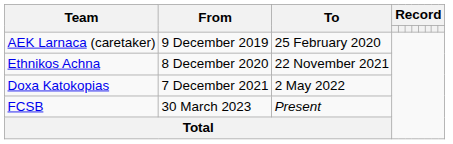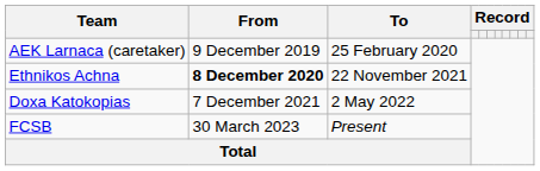 <table class=wikitable style="text-align: center">
 <tr>
 <th rowspan=2>Team</th>
 <th rowspan=2>From</th>
 <th rowspan=2>To</th>
 <th colspan=8>Record</th>
 </tr>
 <tr>
 <th></th>
 <th></th>
 <th></th>
 <th></th>
 <th></th>
 <th></th>
 <th></th>
 <th></th>
 </tr>
 <tr>
 <td align=left><a href='#'>AEK Larnaca</a> (caretaker)</td>
 <td align=left>9 December 2019</td>
 <td align=left>25 February 2020<br></td>
 </tr>
 <tr>
 <td align=left><a href='#'>Ethnikos Achna</a></td>
-<td align=left>8 December 2020</td>
+<td align=left><strong>8 December 2020</strong></td>
 <td align=left>22 November 2021<br></td>
 </tr>
 <tr>
 <td align=left><a href='#'>Doxa Katokopias</a></td>
 <td align=left>7 December 2021</td>
 <td align=left>2 May 2022<br></td>
 </tr>
 <tr>
 <td align=left><a href='#'>FCSB</a></td>
 <td align=left>30 March 2023</td>
 <td align=left><em>Present</em><br></td>
 </tr>
 <tr>
 <th colspan=3>Total<br></th>
 </tr>
 </table>
